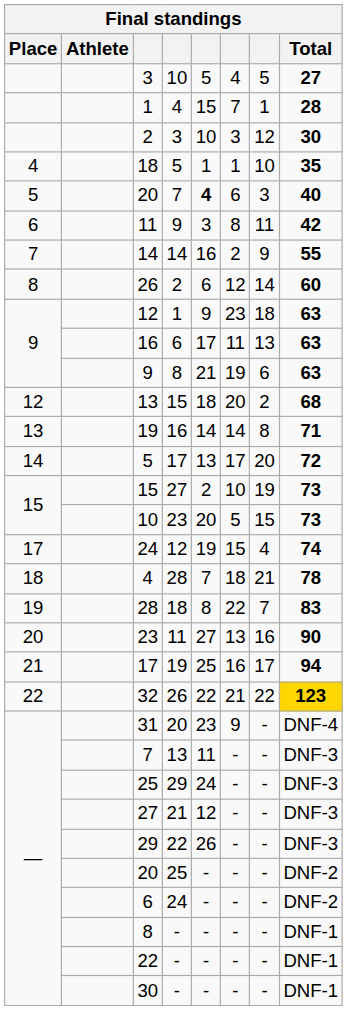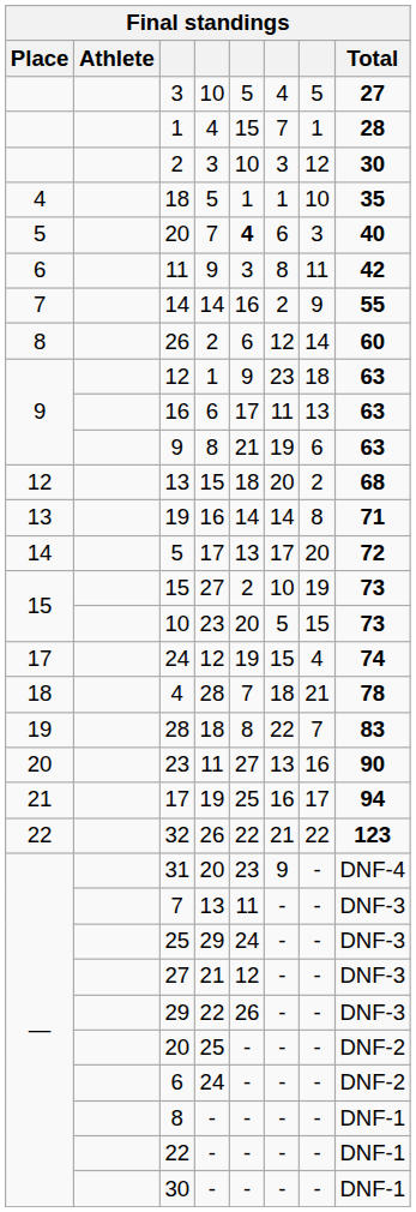 <table class=wikitable style="text-align:center">
 <tr>
 <th colspan=8><strong>Final standings</strong></th>
 </tr>
 <tr>
 <th>Place</th>
 <th>Athlete</th>
 <th></th>
 <th></th>
 <th></th>
 <th></th>
 <th></th>
 <th>Total</th>
 </tr>
 <tr>
 <td></td>
 <td align=left></td>
 <td>3</td>
 <td>10</td>
 <td>5</td>
 <td>4</td>
 <td>5</td>
 <td><strong>27</strong></td>
 </tr>
 <tr>
 <td></td>
 <td align=left></td>
 <td>1</td>
 <td>4</td>
 <td>15</td>
 <td>7</td>
 <td>1</td>
 <td><strong>28</strong></td>
 </tr>
 <tr>
 <td></td>
 <td align=left></td>
 <td>2</td>
 <td>3</td>
 <td>10</td>
 <td>3</td>
 <td>12</td>
 <td><strong>30</strong></td>
 </tr>
 <tr>
 <td>4</td>
 <td align=left></td>
 <td>18</td>
 <td>5</td>
 <td>1</td>
 <td>1</td>
 <td>10</td>
 <td><strong>35</strong></td>
 </tr>
 <tr>
 <td>5</td>
 <td align=left></td>
 <td>20</td>
 <td>7</td>
 <td><strong>4</strong></td>
 <td>6</td>
 <td>3</td>
 <td><strong>40</strong></td>
 </tr>
 <tr>
 <td>6</td>
 <td align=left></td>
 <td>11</td>
 <td>9</td>
 <td>3</td>
 <td>8</td>
 <td>11</td>
 <td><strong>42</strong></td>
 </tr>
 <tr>
 <td>7</td>
 <td align=left></td>
 <td>14</td>
 <td>14</td>
 <td>16</td>
 <td>2</td>
 <td>9</td>
 <td><strong>55</strong></td>
 </tr>
 <tr>
 <td>8</td>
 <td align=left></td>
 <td>26</td>
 <td>2</td>
 <td>6</td>
 <td>12</td>
 <td>14</td>
 <td><strong>60</strong></td>
 </tr>
 <tr>
 <td rowspan=3>9</td>
 <td align=left></td>
 <td>12</td>
 <td>1</td>
 <td>9</td>
 <td>23</td>
 <td>18</td>
 <td><strong>63</strong></td>
 </tr>
 <tr>
 <td align=left></td>
 <td>16</td>
 <td>6</td>
 <td>17</td>
 <td>11</td>
 <td>13</td>
 <td><strong>63</strong></td>
 </tr>
 <tr>
 <td align=left></td>
 <td>9</td>
 <td>8</td>
 <td>21</td>
 <td>19</td>
 <td>6</td>
 <td><strong>63</strong></td>
 </tr>
 <tr>
 <td>12</td>
 <td align=left></td>
 <td>13</td>
 <td>15</td>
 <td>18</td>
 <td>20</td>
 <td>2</td>
 <td><strong>68</strong></td>
 </tr>
 <tr>
 <td>13</td>
 <td align=left></td>
 <td>19</td>
 <td>16</td>
 <td>14</td>
 <td>14</td>
 <td>8</td>
 <td><strong>71</strong></td>
 </tr>
 <tr>
 <td>14</td>
 <td align=left></td>
 <td>5</td>
 <td>17</td>
 <td>13</td>
 <td>17</td>
 <td>20</td>
 <td><strong>72</strong></td>
 </tr>
 <tr>
 <td rowspan=2>15</td>
 <td align=left></td>
 <td>15</td>
 <td>27</td>
 <td>2</td>
 <td>10</td>
 <td>19</td>
 <td><strong>73</strong></td>
 </tr>
 <tr>
 <td align=left></td>
 <td>10</td>
 <td>23</td>
 <td>20</td>
 <td>5</td>
 <td>15</td>
 <td><strong>73</strong></td>
 </tr>
 <tr>
 <td>17</td>
 <td align=left></td>
 <td>24</td>
 <td>12</td>
 <td>19</td>
 <td>15</td>
 <td>4</td>
 <td><strong>74</strong></td>
 </tr>
 <tr>
 <td>18</td>
 <td align=left></td>
 <td>4</td>
 <td>28</td>
 <td>7</td>
 <td>18</td>
 <td>21</td>
 <td><strong>78</strong></td>
 </tr>
 <tr>
 <td>19</td>
 <td align=left></td>
 <td>28</td>
 <td>18</td>
 <td>8</td>
 <td>22</td>
 <td>7</td>
 <td><strong>83</strong></td>
 </tr>
 <tr>
 <td>20</td>
 <td align=left></td>
 <td>23</td>
 <td>11</td>
 <td>27</td>
 <td>13</td>
 <td>16</td>
 <td><strong>90</strong></td>
 </tr>
 <tr>
 <td>21</td>
 <td align=left></td>
 <td>17</td>
 <td>19</td>
 <td>25</td>
 <td>16</td>
 <td>17</td>
 <td><strong>94</strong></td>
 </tr>
 <tr>
 <td>22</td>
 <td align=left></td>
 <td>32</td>
 <td>26</td>
 <td>22</td>
 <td>21</td>
 <td>22</td>
-<td style="background: gold;"><strong>123</strong></td>
+<td><strong>123</strong></td>
 </tr>
 <tr>
 <td rowspan=10>—</td>
 <td align=left></td>
 <td>31</td>
 <td>20</td>
 <td>23</td>
 <td>9</td>
 <td>-</td>
 <td>DNF-4</td>
 </tr>
 <tr>
 <td align=left></td>
 <td>7</td>
 <td>13</td>
 <td>11</td>
 <td>-</td>
 <td>-</td>
 <td>DNF-3</td>
 </tr>
 <tr>
 <td align=left></td>
 <td>25</td>
 <td>29</td>
 <td>24</td>
 <td>-</td>
 <td>-</td>
 <td>DNF-3</td>
 </tr>
 <tr>
 <td align=left></td>
 <td>27</td>
 <td>21</td>
 <td>12</td>
 <td>-</td>
 <td>-</td>
 <td>DNF-3</td>
 </tr>
 <tr>
 <td align=left></td>
 <td>29</td>
 <td>22</td>
 <td>26</td>
 <td>-</td>
 <td>-</td>
 <td>DNF-3</td>
 </tr>
 <tr>
 <td align=left></td>
 <td>20</td>
 <td>25</td>
 <td>-</td>
 <td>-</td>
 <td>-</td>
 <td>DNF-2</td>
 </tr>
 <tr>
 <td align=left></td>
 <td>6</td>
 <td>24</td>
 <td>-</td>
 <td>-</td>
 <td>-</td>
 <td>DNF-2</td>
 </tr>
 <tr>
 <td align=left></td>
 <td>8</td>
 <td>-</td>
 <td>-</td>
 <td>-</td>
 <td>-</td>
 <td>DNF-1</td>
 </tr>
 <tr>
 <td align=left></td>
 <td>22</td>
 <td>-</td>
 <td>-</td>
 <td>-</td>
 <td>-</td>
 <td>DNF-1</td>
 </tr>
 <tr>
 <td align=left></td>
 <td>30</td>
 <td>-</td>
 <td>-</td>
 <td>-</td>
 <td>-</td>
 <td>DNF-1</td>
 </tr>
 </table>
